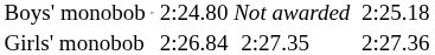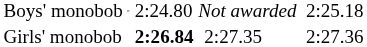 <table>
 <tr>
 <td>Boys' monobob<br></td>
 <td><hr></td>
 <td>2:24.80</td>
 <td colspan=2><em>Not awarded</em></td>
 <td></td>
 <td>2:25.18</td>
 </tr>
 <tr>
 <td>Girls' monobob<br></td>
 <td></td>
-<td>2:26.84</td>
+<td><strong>2:26.84</strong></td>
 <td></td>
 <td>2:27.35</td>
 <td></td>
 <td>2:27.36</td>
 </tr>
 </table>
